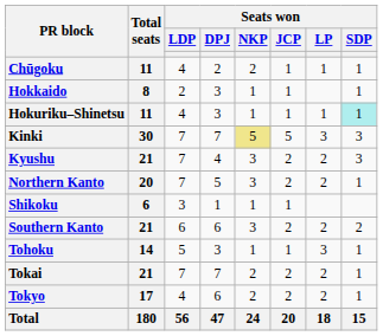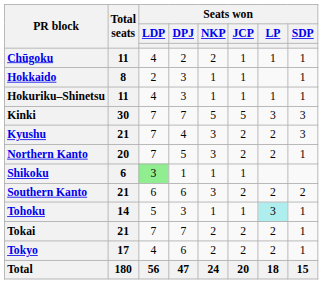 <table class="wikitable" style="text-align:center; font-size: 0.9em;">
 <tr>
 <th rowspan="3">PR block</th>
 <th rowspan="3">Total<br>seats</th>
 <th colspan="6">Seats won</th>
 </tr>
 <tr>
 <th class="unsortable" style="width:30px"><a href='#'>LDP</a></th>
 <th class="unsortable" style="width:30px"><a href='#'>DPJ</a></th>
 <th class="unsortable" style="width:30px"><a href='#'>NKP</a></th>
 <th class="unsortable" style="width:30px"><a href='#'>JCP</a></th>
 <th class="unsortable" style="width:30px"><a href='#'>LP</a></th>
 <th class="unsortable" style="width:30px"><a href='#'>SDP</a></th>
 </tr>
 <tr>
 <th style="background:"></th>
 <th style="background:"></th>
 <th style="background:"></th>
 <th style="background:"></th>
 <th style="background:"></th>
 <th style="background:"></th>
 </tr>
 <tr>
 <th style="text-align: left"><a href='#'>Chūgoku</a></th>
 <th>11</th>
 <td>4</td>
 <td>2</td>
 <td>2</td>
 <td>1</td>
 <td>1</td>
 <td>1</td>
 </tr>
 <tr>
 <th style="text-align: left"><a href='#'>Hokkaido</a></th>
 <th>8</th>
 <td>2</td>
 <td>3</td>
 <td>1</td>
 <td>1</td>
 <td></td>
 <td>1</td>
 </tr>
 <tr>
 <th style="text-align: left">Hokuriku–Shinetsu</th>
 <th>11</th>
 <td>4</td>
 <td>3</td>
 <td>1</td>
 <td>1</td>
 <td>1</td>
-<td style="background: paleturquoise;">1</td>
+<td>1</td>
 </tr>
 <tr>
 <th style="text-align: left">Kinki</th>
 <th>30</th>
 <td>7</td>
 <td>7</td>
-<td style="background: khaki;">5</td>
+<td>5</td>
 <td>5</td>
 <td>3</td>
 <td>3</td>
 </tr>
 <tr>
 <th style="text-align: left"><a href='#'>Kyushu</a></th>
 <th>21</th>
 <td>7</td>
 <td>4</td>
 <td>3</td>
 <td>2</td>
 <td>2</td>
 <td>3</td>
 </tr>
 <tr>
 <th style="text-align: left"><a href='#'>Northern Kanto</a></th>
 <th>20</th>
 <td>7</td>
 <td>5</td>
 <td>3</td>
 <td>2</td>
 <td>2</td>
 <td>1</td>
 </tr>
 <tr>
 <th style="text-align: left"><a href='#'>Shikoku</a></th>
 <th>6</th>
-<td>3</td>
+<td style="background: lightgreen;">3</td>
 <td>1</td>
 <td>1</td>
 <td>1</td>
 <td></td>
 <td></td>
 </tr>
 <tr>
 <th style="text-align: left"><a href='#'>Southern Kanto</a></th>
 <th>21</th>
 <td>6</td>
 <td>6</td>
 <td>3</td>
 <td>2</td>
 <td>2</td>
 <td>2</td>
 </tr>
 <tr>
 <th style="text-align: left"><a href='#'>Tohoku</a></th>
 <th>14</th>
 <td>5</td>
 <td>3</td>
 <td>1</td>
 <td>1</td>
-<td>3</td>
+<td style="background: paleturquoise;">3</td>
 <td>1</td>
 </tr>
 <tr>
 <th style="text-align: left">Tokai</th>
 <th>21</th>
 <td>7</td>
 <td>7</td>
 <td>2</td>
 <td>2</td>
 <td>2</td>
 <td>1</td>
 </tr>
 <tr>
 <th style="text-align: left"><a href='#'>Tokyo</a></th>
 <th>17</th>
 <td>4</td>
 <td>6</td>
 <td>2</td>
 <td>2</td>
 <td>2</td>
 <td>1</td>
 </tr>
 <tr class="sortbottom">
 <th style="text-align: left">Total</th>
 <th>180</th>
 <th>56</th>
 <th>47</th>
 <th>24</th>
 <th>20</th>
 <th>18</th>
 <th>15</th>
 </tr>
 </table>
